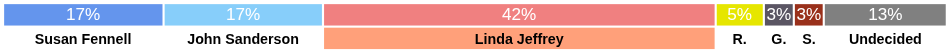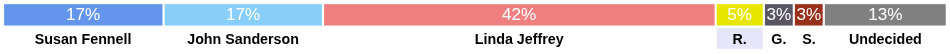 <table style="width:100%; text-align:center;">
 <tr style="color:white;">
 <td style="background:cornflowerblue; width:17%;">17%</td>
 <td style="background:lightskyblue; width:17%;">17%</td>
 <td style="background:lightcoral; width:42%;">42%</td>
 <td style="background:#e6e600; width:5%;">5%</td>
 <td style="background:#5a5563; width:3%;">3%</td>
 <td style="background:#99301b; width:3%;">3%</td>
 <td style="background:gray; width:13%;">13%</td>
 </tr>
 <tr>
 <td><span><small><strong>Susan Fennell</strong></small></span></td>
 <td><span><small><strong>John Sanderson</strong></small></span></td>
-<td style="background: lightsalmon;"><span><small><strong>Linda Jeffrey</strong></small></span></td>
-<td><span><small><strong>R.</strong></small></span></td>
+<td><span><small><strong>Linda Jeffrey</strong></small></span></td>
+<td style="background: lavender;"><span><small><strong>R.</strong></small></span></td>
 <td><span><small><strong>G.</strong></small></span></td>
 <td><span><small><strong>S.</strong></small></span></td>
 <td><span><small><strong>Undecided</strong></small></span></td>
 </tr>
 </table>
